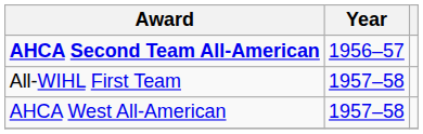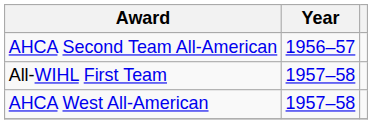 <table class="wikitable">
 <tr>
 <th>Award</th>
 <th>Year</th>
 <th></th>
 </tr>
 <tr>
-<td><strong><a href='#'>AHCA</a> <a href='#'>Second Team All-American</a></strong></td>
+<td><a href='#'>AHCA</a> <a href='#'>Second Team All-American</a></td>
 <td><a href='#'>1956–57</a></td>
 <td></td>
 </tr>
 <tr>
 <td>All-<a href='#'>WIHL</a> <a href='#'>First Team</a></td>
 <td><a href='#'>1957–58</a></td>
 <td></td>
 </tr>
 <tr>
 <td><a href='#'>AHCA</a> <a href='#'>West All-American</a></td>
 <td><a href='#'>1957–58</a></td>
 <td></td>
 </tr>
 <tr>
 </tr>
 </table>
